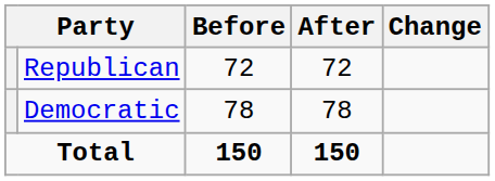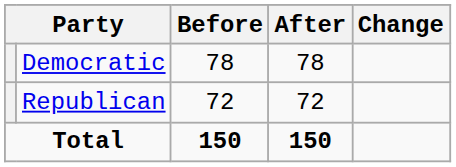 <table class="wikitable" style="text-align:center;">
 <tr>
 <th colspan="2">Party</th>
 <th>Before</th>
 <th>After</th>
 <th>Change</th>
 </tr>
 <tr>
 <th style="background-color:"></th>
-<td style="text-align:left;"><a href='#'>Republican</a></td>
-<td>72</td>
-<td>72</td>
+<td style="text-align:left;"><a href='#'>Democratic</a></td>
+<td>78</td>
+<td>78</td>
 <td></td>
 </tr>
 <tr>
 <th style="background-color:"></th>
-<td style="text-align:left;"><a href='#'>Democratic</a></td>
-<td>78</td>
-<td>78</td>
+<td style="text-align:left;"><a href='#'>Republican</a></td>
+<td>72</td>
+<td>72</td>
 <td></td>
 </tr>
 <tr>
 <td colspan="2"><strong>Total</strong></td>
 <td><strong>150</strong></td>
 <td><strong>150</strong></td>
 <td></td>
 </tr>
 </table>
